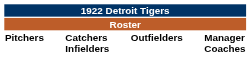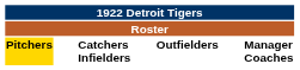 <table class="toccolours" style="font-size: 95%;">
 <tr>
 <th colspan="10" style="background-color: #003366; color: white; text-align: center;">1922 Detroit Tigers</th>
 </tr>
 <tr>
 <td colspan="10" style="background-color: #bd5d29; color: white; text-align: center;"><strong>Roster</strong></td>
 </tr>
 <tr>
-<td valign="top"><strong>Pitchers</strong><br>          </td>
+<td valign="top" style="background: gold;"><strong>Pitchers</strong><br>          </td>
 <td width="25px"></td>
 <td valign="top"><strong>Catchers</strong><br>   <strong>Infielders</strong>       </td>
 <td width="25px"></td>
 <td valign="top"><strong>Outfielders</strong><br>     </td>
 <td width="25px"></td>
 <td valign="top"><strong>Manager</strong><br> <strong>Coaches</strong> </td>
 </tr>
 </table>
